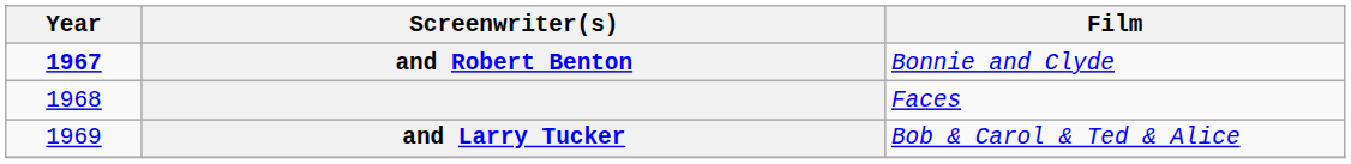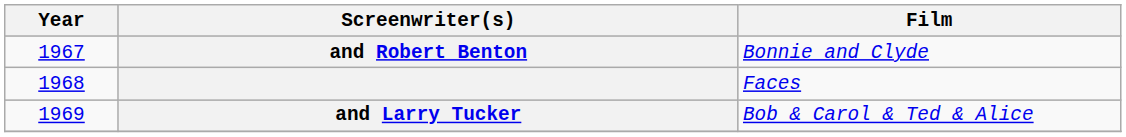 <table class="sortable wikitable plainrowheaders">
 <tr>
 <th scope="col" width=70>Year</th>
 <th scope="col" width=410>Screenwriter(s)</th>
 <th scope="col" width=250>Film</th>
 </tr>
 <tr>
-<td style="text-align:center;"><strong><a href='#'>1967</a></strong></td>
+<td style="text-align:center;"><a href='#'>1967</a></td>
 <th scope=row> and <a href='#'>Robert Benton</a></th>
 <td><em><a href='#'>Bonnie and Clyde</a></em></td>
 </tr>
 <tr>
 <td style="text-align:center;"><a href='#'>1968</a></td>
 <th scope=row></th>
 <td><em><a href='#'>Faces</a></em></td>
 </tr>
 <tr>
 <td style="text-align:center;"><a href='#'>1969</a></td>
 <th scope=row> and <a href='#'>Larry Tucker</a></th>
 <td><em><a href='#'>Bob & Carol & Ted & Alice</a></em></td>
 </tr>
 <tr>
 </tr>
 </table>
